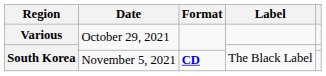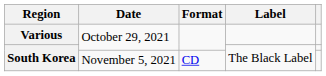 <table class="wikitable plainrowheaders">
 <tr>
 <th scope="col">Region</th>
 <th scope="col">Date</th>
 <th scope="col">Format</th>
 <th scope="col">Label</th>
 <th scope="col"></th>
 </tr>
 <tr>
 <th scope="row">Various</th>
 <td rowspan="2">October 29, 2021</td>
 <td rowspan="2"></td>
 <td></td>
 <td style="text-align:center;"></td>
 </tr>
 <tr>
 <th rowspan="2" scope="row">South Korea</th>
 <td rowspan="2">The Black Label</td>
 <td style="text-align:center;"></td>
 </tr>
 <tr>
 <td>November 5, 2021</td>
-<td><strong><a href='#'>CD</a></strong></td>
+<td><a href='#'>CD</a></td>
 <td style="text-align:center;"></td>
 </tr>
 </table>
